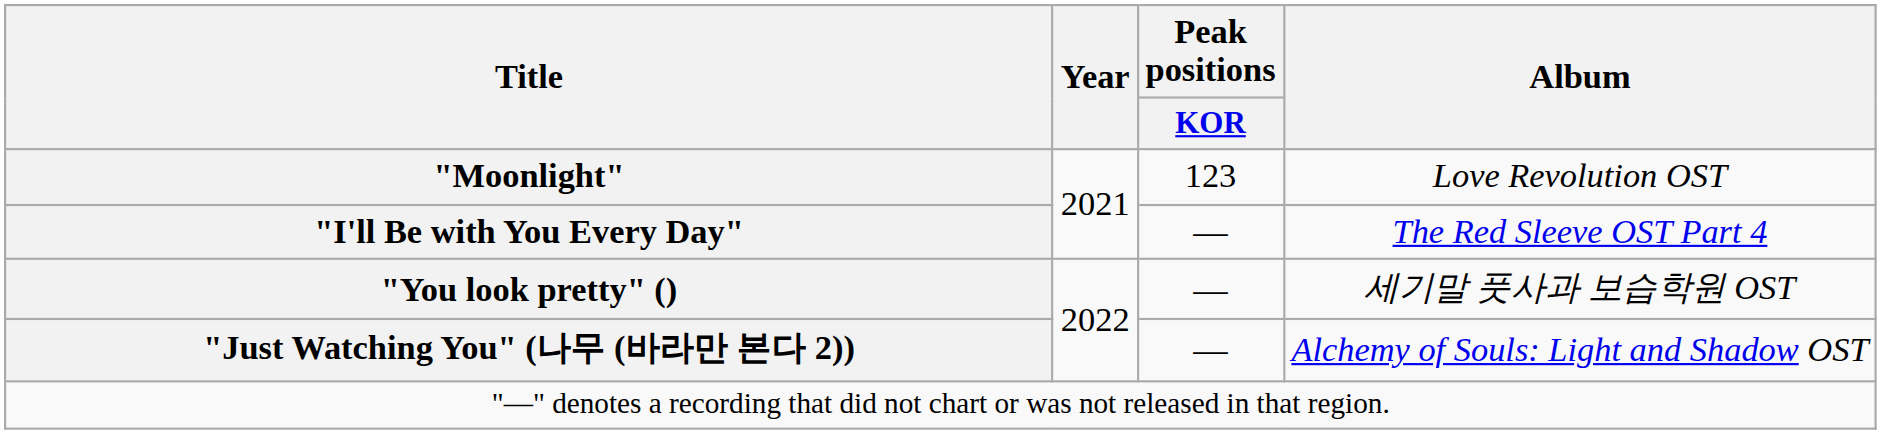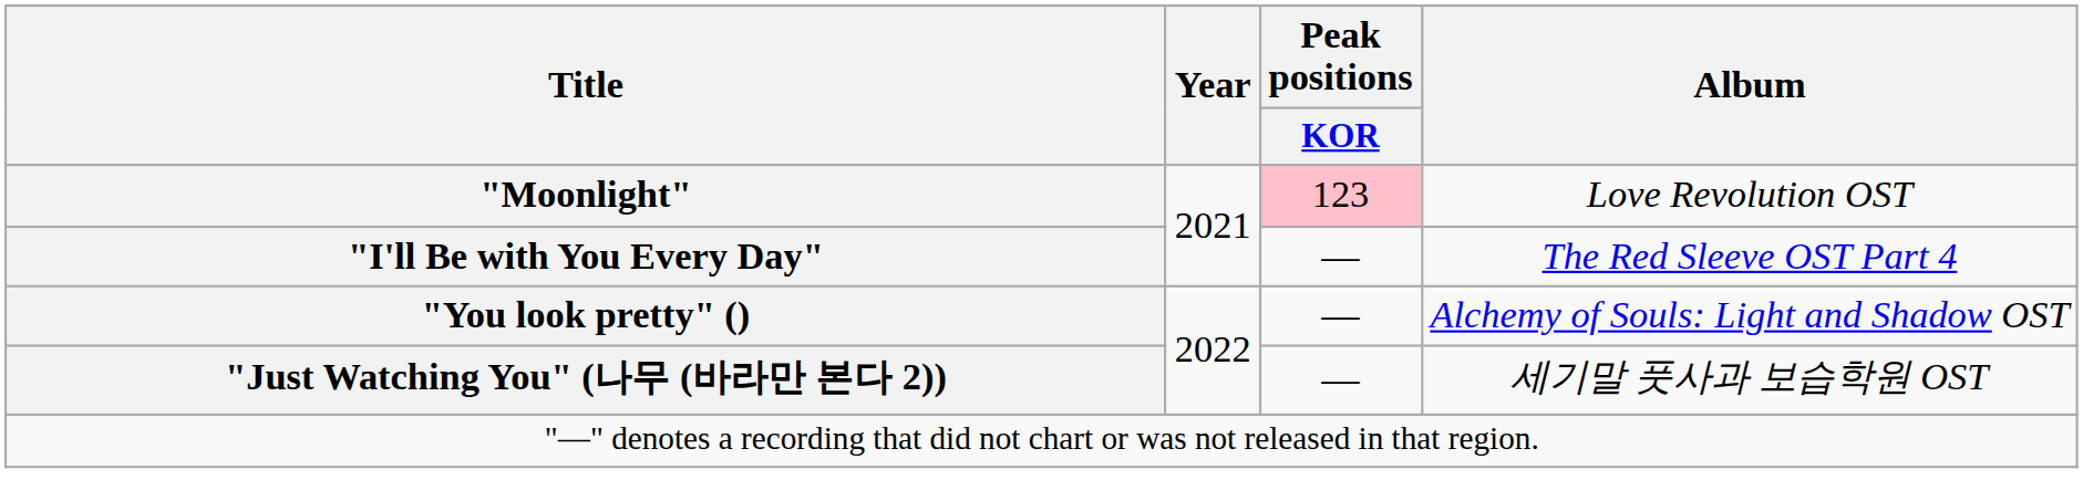 <table class="wikitable plainrowheaders" style="text-align:center;">
 <tr>
 <th scope="col" rowspan="2" style="width:30em;">Title</th>
 <th scope="col" rowspan="2">Year</th>
 <th scope="col">Peak positions</th>
 <th scope="col" rowspan="2">Album</th>
 </tr>
 <tr>
 <th scope="col" style="width:3em;font-size:90%;"><a href='#'>KOR</a><br></th>
 </tr>
 <tr>
 <th scope="row">"Moonlight" </th>
 <td rowspan="2">2021</td>
-<td>123</td>
+<td style="background: pink;">123</td>
 <td><em>Love Revolution OST</em></td>
 </tr>
 <tr>
 <th scope="row">"I'll Be with You Every Day" </th>
 <td>—</td>
 <td><em><a href='#'>The Red Sleeve OST Part 4</a></em></td>
 </tr>
 <tr>
 <th scope="row">"You look pretty" ()</th>
 <td rowspan=2>2022</td>
 <td>—</td>
-<td><em>세기말 풋사과 보습학원 OST</em></td>
+<td><em><a href='#'>Alchemy of Souls: Light and Shadow</a> OST</em></td>
 </tr>
 <tr>
 <th scope="row">"Just Watching You" (나무 (바라만 본다 2))</th>
 <td>—</td>
-<td><em><a href='#'>Alchemy of Souls: Light and Shadow</a> OST</em></td>
+<td><em>세기말 풋사과 보습학원 OST</em></td>
 </tr>
 <tr>
 <td colspan="4" style="font-size:85%">"—" denotes a recording that did not chart or was not released in that region.</td>
 </tr>
 </table>
